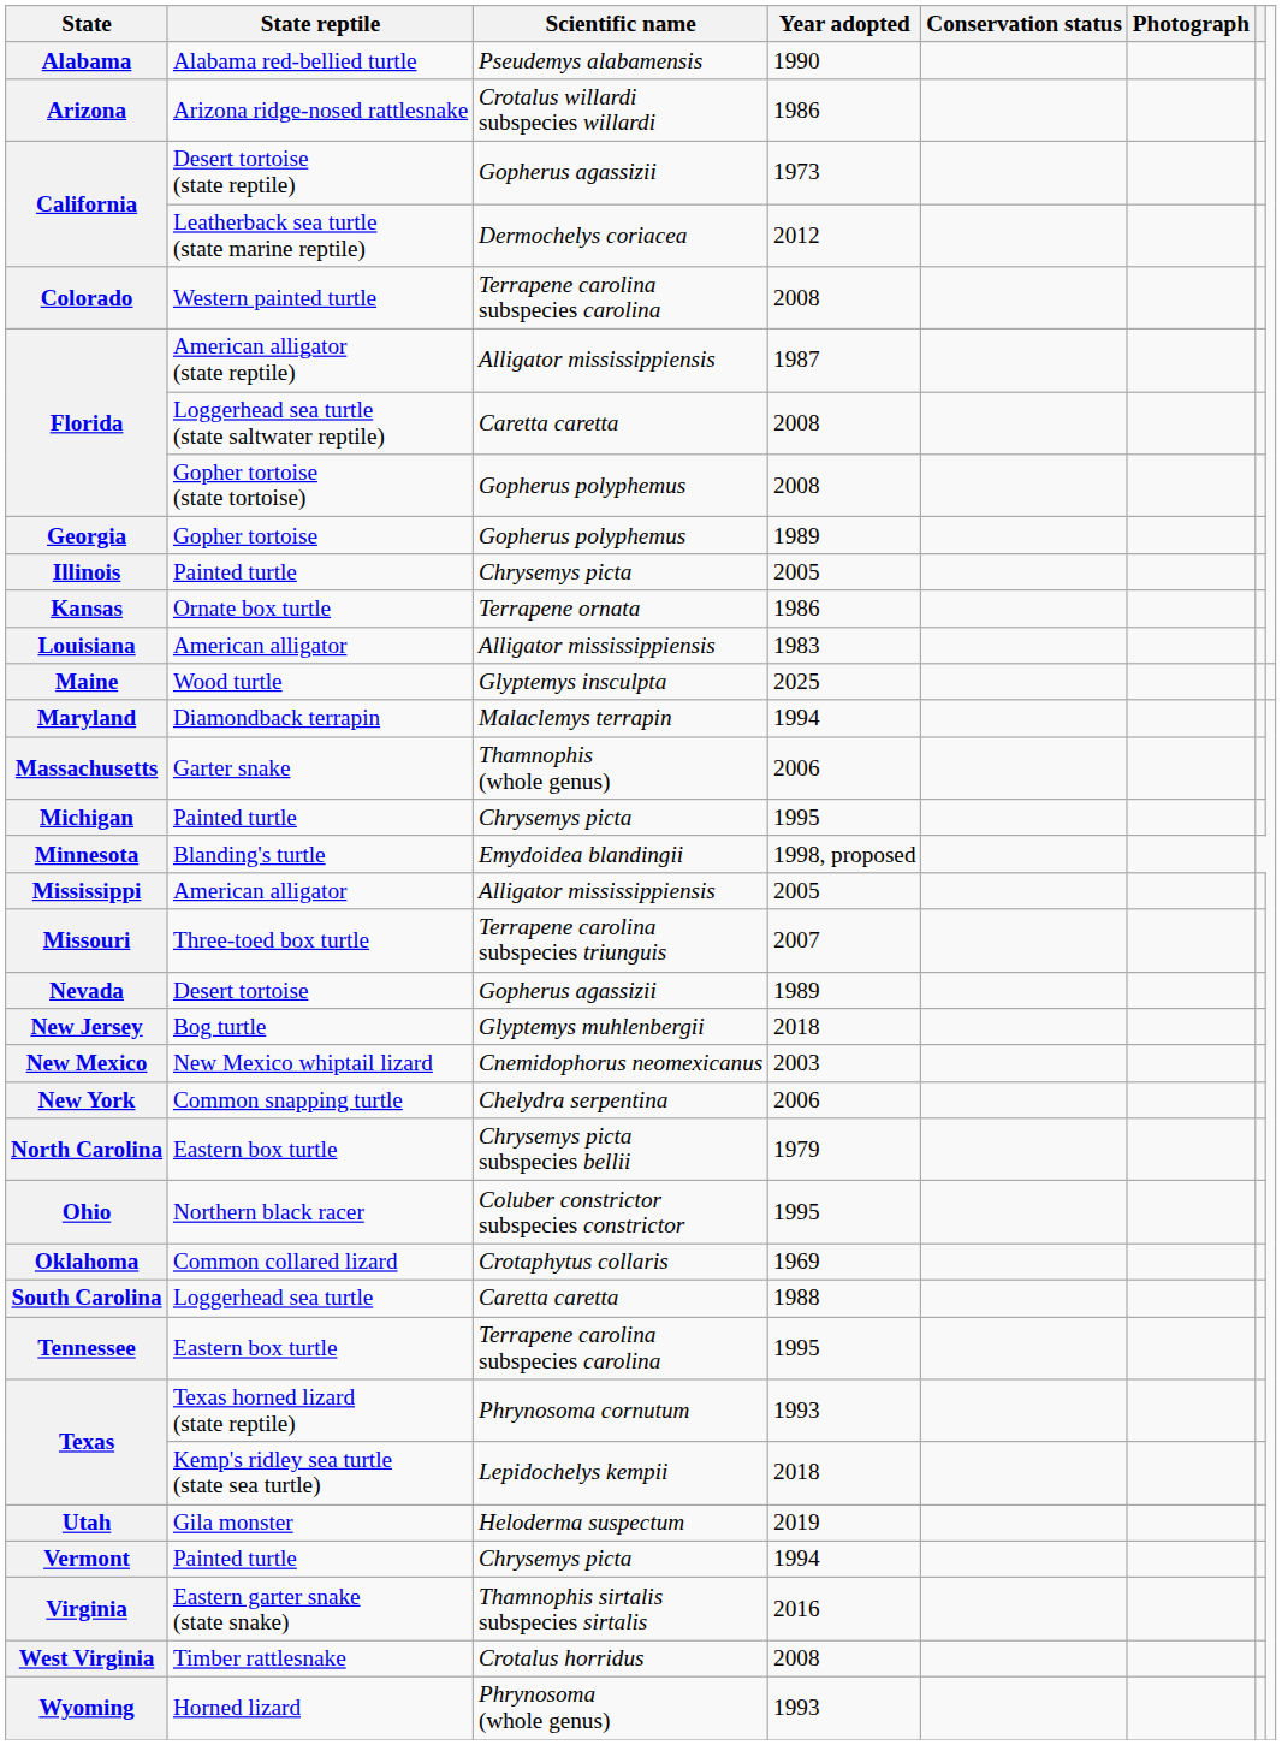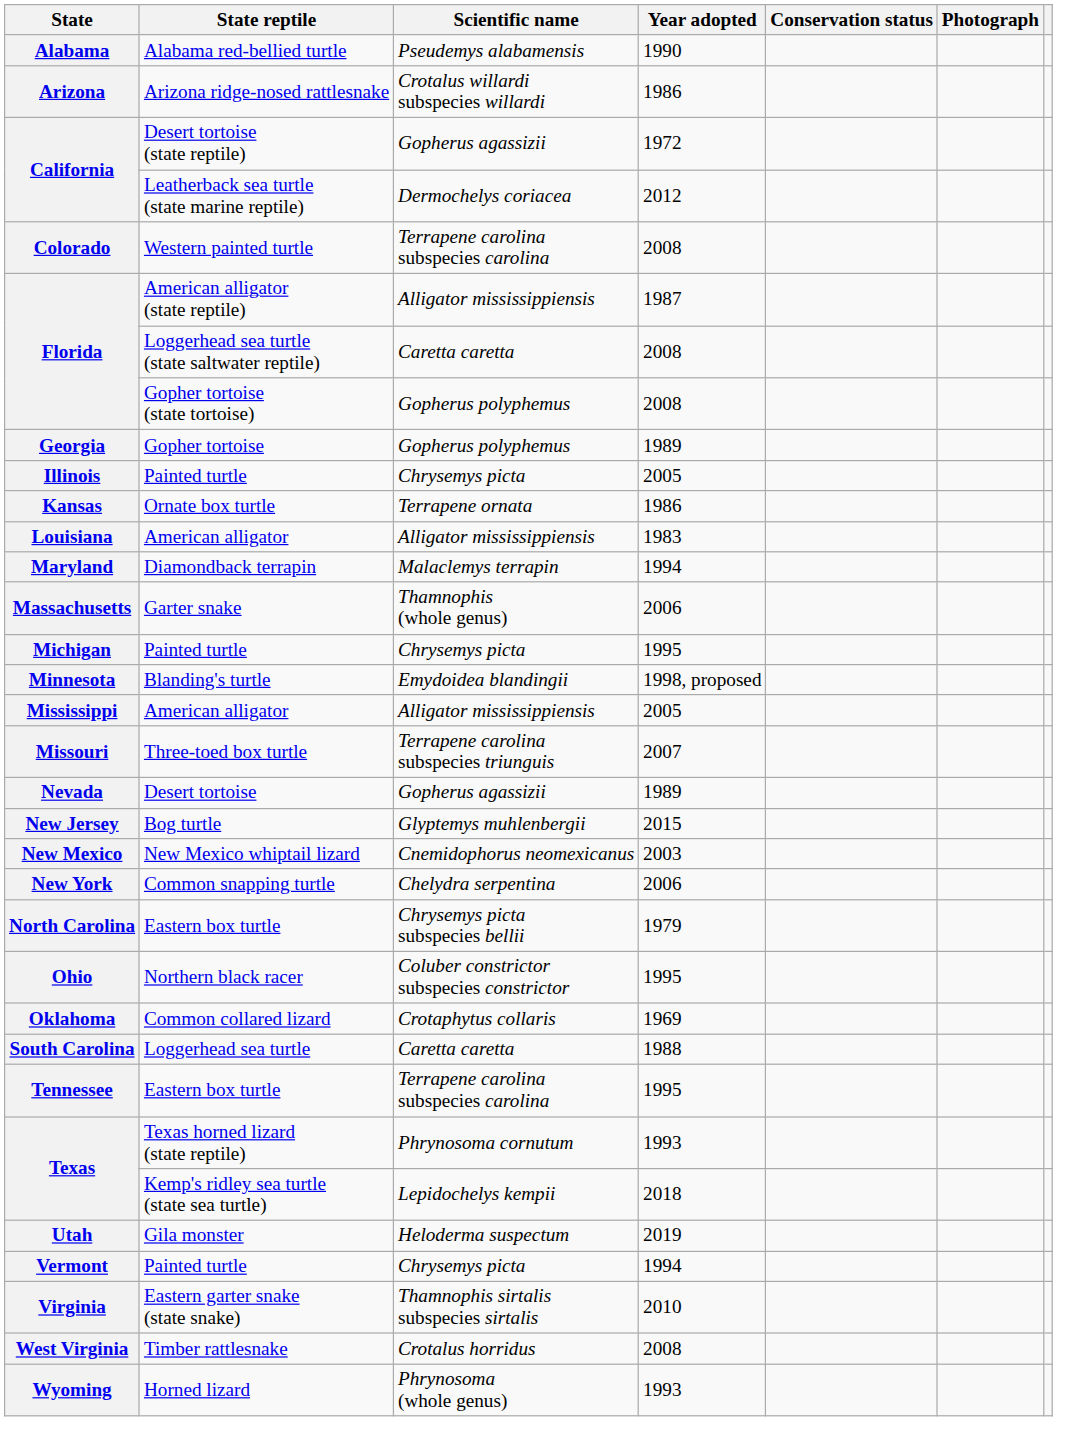 <table class="wikitable sortable plainrowheaders">
 <tr>
 <th scope="col">State</th>
 <th scope="col">State reptile</th>
 <th scope="col">Scientific name</th>
 <th scope="col">Year adopted</th>
 <th scope="col">Conservation status</th>
 <th scope="col" class="unsortable">Photograph</th>
 <th scope="col" class="unsortable"></th>
 </tr>
 <tr>
 <th scope="row"><a href='#'>Alabama</a></th>
 <td><a href='#'>Alabama red-bellied turtle</a></td>
 <td><em>Pseudemys alabamensis</em></td>
 <td>1990</td>
 <td></td>
 <td></td>
 <td></td>
 </tr>
 <tr>
 <th scope="row"><a href='#'>Arizona</a></th>
 <td><a href='#'>Arizona ridge-nosed rattlesnake</a></td>
 <td><em>Crotalus willardi</em><br>subspecies <em>willardi</em></td>
 <td>1986</td>
 <td></td>
 <td></td>
 <td></td>
 </tr>
 <tr>
 <th rowspan="2" scope="row"><a href='#'>California</a></th>
 <td><a href='#'>Desert tortoise</a><br>(state reptile)</td>
 <td><em>Gopherus agassizii</em></td>
-<td>1973</td>
+<td>1972</td>
 <td></td>
 <td></td>
 <td></td>
 </tr>
 <tr>
 <td><a href='#'>Leatherback sea turtle</a><br>(state marine reptile)</td>
 <td><em>Dermochelys coriacea</em></td>
 <td>2012</td>
 <td></td>
 <td></td>
 <td></td>
 </tr>
 <tr>
 <th scope="row"><a href='#'>Colorado</a></th>
 <td><a href='#'>Western painted turtle</a></td>
 <td><em>Terrapene carolina</em><br>subspecies <em>carolina</em></td>
 <td>2008</td>
 <td></td>
 <td></td>
 <td><br> </td>
 </tr>
 <tr>
 <th rowspan="3" scope="row"><a href='#'>Florida</a></th>
 <td><a href='#'>American alligator</a><br>(state reptile)</td>
 <td><em>Alligator mississippiensis</em></td>
 <td>1987</td>
 <td></td>
 <td></td>
 <td></td>
 </tr>
 <tr>
 <td><a href='#'>Loggerhead sea turtle</a><br>(state saltwater reptile)</td>
 <td><em>Caretta caretta</em></td>
 <td>2008</td>
 <td></td>
 <td></td>
 <td></td>
 </tr>
 <tr>
 <td><a href='#'>Gopher tortoise</a><br>(state tortoise)</td>
 <td><em>Gopherus polyphemus</em></td>
 <td>2008</td>
 <td></td>
 <td></td>
 <td></td>
 </tr>
 <tr>
 <th scope="row"><a href='#'>Georgia</a></th>
 <td><a href='#'>Gopher tortoise</a></td>
 <td><em>Gopherus polyphemus</em></td>
 <td>1989</td>
 <td></td>
 <td></td>
 <td><br> </td>
 </tr>
 <tr>
 <th scope="row"><a href='#'>Illinois</a></th>
 <td><a href='#'>Painted turtle</a></td>
 <td><em>Chrysemys picta</em></td>
 <td>2005</td>
 <td></td>
 <td></td>
 <td><br> </td>
 </tr>
 <tr>
 <th scope="row"><a href='#'>Kansas</a></th>
 <td><a href='#'>Ornate box turtle</a></td>
 <td><em>Terrapene ornata</em> </td>
 <td>1986</td>
 <td></td>
 <td></td>
 <td><br></td>
 </tr>
 <tr>
 <th scope="row"><a href='#'>Louisiana</a></th>
 <td><a href='#'>American alligator</a></td>
 <td><em>Alligator mississippiensis</em></td>
 <td>1983</td>
 <td></td>
 <td></td>
 <td></td>
 </tr>
 <tr>
-<th scope="row"><a href='#'>Maine</a></th>
-<td><a href='#'>Wood turtle</a></td>
-<td><em>Glyptemys insculpta</em></td>
-<td>2025</td>
-<td></td>
-<td></td>
-<td></td>
-<td></td>
-</tr>
-<tr>
 <th scope="row"><a href='#'>Maryland</a></th>
 <td><a href='#'>Diamondback terrapin</a></td>
 <td><em>Malaclemys terrapin</em></td>
 <td>1994</td>
 <td></td>
 <td></td>
 <td></td>
 </tr>
 <tr>
 <th scope="row"><a href='#'>Massachusetts</a></th>
 <td><a href='#'>Garter snake</a></td>
 <td><em>Thamnophis</em><br>(whole genus)</td>
 <td>2006</td>
 <td></td>
 <td></td>
 <td></td>
 </tr>
 <tr>
 <th scope="row"><a href='#'>Michigan</a></th>
 <td><a href='#'>Painted turtle</a></td>
 <td><em>Chrysemys picta</em></td>
 <td>1995</td>
 <td></td>
 <td></td>
 <td></td>
 </tr>
 <tr>
 <th scope="row"><a href='#'>Minnesota</a></th>
 <td><a href='#'>Blanding's turtle</a></td>
 <td><em>Emydoidea blandingii</em></td>
 <td>1998, proposed</td>
 <td></td>
 <td></td>
 </tr>
 <tr>
 <th scope="row"><a href='#'>Mississippi</a></th>
 <td><a href='#'>American alligator</a></td>
 <td><em>Alligator mississippiensis</em></td>
 <td>2005</td>
 <td></td>
 <td></td>
 <td></td>
 </tr>
 <tr>
 <th scope="row"><a href='#'>Missouri</a></th>
 <td><a href='#'>Three-toed box turtle</a></td>
 <td><em>Terrapene carolina</em><br>subspecies <em>triunguis</em></td>
 <td>2007</td>
 <td></td>
 <td></td>
 <td><br> </td>
 </tr>
 <tr>
 <th scope="row"><a href='#'>Nevada</a></th>
 <td><a href='#'>Desert tortoise</a></td>
 <td><em>Gopherus agassizii</em></td>
 <td>1989</td>
 <td></td>
 <td></td>
 <td><br></td>
 </tr>
 <tr>
 <th scope="row"><a href='#'>New Jersey</a></th>
 <td><a href='#'>Bog turtle</a></td>
 <td><em>Glyptemys muhlenbergii</em></td>
-<td>2018</td>
+<td>2015</td>
 <td></td>
 <td></td>
 <td></td>
 </tr>
 <tr>
 <th scope="row"><a href='#'>New Mexico</a></th>
 <td><a href='#'>New Mexico whiptail lizard</a></td>
 <td><em>Cnemidophorus neomexicanus</em></td>
 <td>2003</td>
 <td></td>
 <td></td>
 <td></td>
 </tr>
 <tr>
 <th scope="row"><a href='#'>New York</a></th>
 <td><a href='#'>Common snapping turtle</a></td>
 <td><em>Chelydra serpentina</em></td>
 <td>2006</td>
 <td></td>
 <td></td>
 <td></td>
 </tr>
 <tr>
 <th scope="row"><a href='#'>North Carolina</a></th>
 <td><a href='#'>Eastern box turtle</a></td>
 <td><em>Chrysemys picta</em><br>subspecies <em>bellii</em></td>
 <td>1979</td>
 <td></td>
 <td></td>
 <td><br></td>
 </tr>
 <tr>
 <th scope="row"><a href='#'>Ohio</a></th>
 <td><a href='#'>Northern black racer</a></td>
 <td><em>Coluber constrictor</em><br>subspecies <em>constrictor</em></td>
 <td>1995</td>
 <td></td>
 <td></td>
 <td></td>
 </tr>
 <tr>
 <th scope="row"><a href='#'>Oklahoma</a></th>
 <td><a href='#'>Common collared lizard</a></td>
 <td><em>Crotaphytus collaris</em></td>
 <td>1969</td>
 <td></td>
 <td></td>
 <td><br>  </td>
 </tr>
 <tr>
 <th scope="row"><a href='#'>South Carolina</a></th>
 <td><a href='#'>Loggerhead sea turtle</a></td>
 <td><em>Caretta caretta</em></td>
 <td>1988</td>
 <td></td>
 <td></td>
 <td><br></td>
 </tr>
 <tr>
 <th scope="row"><a href='#'>Tennessee</a></th>
 <td><a href='#'>Eastern box turtle</a></td>
 <td><em>Terrapene carolina</em><br>subspecies <em>carolina</em></td>
 <td>1995</td>
 <td></td>
 <td></td>
 <td></td>
 </tr>
 <tr>
 <th rowspan="2" scope="row"><a href='#'>Texas</a></th>
 <td><a href='#'>Texas horned lizard</a><br>(state reptile)</td>
 <td><em>Phrynosoma cornutum</em></td>
 <td>1993</td>
 <td></td>
 <td></td>
 <td></td>
 </tr>
 <tr>
 <td><a href='#'>Kemp's ridley sea turtle</a><br>(state sea turtle)</td>
 <td><em>Lepidochelys kempii</em></td>
 <td>2018</td>
 <td></td>
 <td></td>
 <td></td>
 </tr>
 <tr>
 <th scope="row"><a href='#'>Utah</a></th>
 <td><a href='#'>Gila monster</a></td>
 <td><em>Heloderma suspectum</em></td>
 <td>2019</td>
 <td></td>
 <td></td>
 <td></td>
 </tr>
 <tr>
 <th scope="row"><a href='#'>Vermont</a></th>
 <td><a href='#'>Painted turtle</a></td>
 <td><em>Chrysemys picta</em></td>
 <td>1994</td>
 <td></td>
 <td></td>
 <td></td>
 </tr>
 <tr>
 <th scope="row"><a href='#'>Virginia</a></th>
 <td><a href='#'>Eastern garter snake</a><br>(state snake)</td>
 <td><em>Thamnophis sirtalis</em><br>subspecies <em>sirtalis</em></td>
-<td>2016</td>
+<td>2010</td>
 <td></td>
 <td></td>
 <td><br></td>
 </tr>
 <tr>
 <th scope="row"><a href='#'>West Virginia</a></th>
 <td><a href='#'>Timber rattlesnake</a></td>
 <td><em>Crotalus horridus</em></td>
 <td>2008</td>
 <td></td>
 <td></td>
 <td><br></td>
 </tr>
 <tr>
 <th scope="row"><a href='#'>Wyoming</a></th>
 <td><a href='#'>Horned lizard</a></td>
 <td><em>Phrynosoma</em><br>(whole genus)</td>
 <td>1993</td>
 <td></td>
 <td></td>
 <td></td>
 </tr>
 </table>
